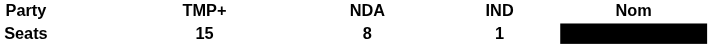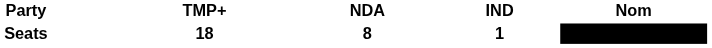 <table style="width:60%; text-align:center;">
 <tr>
 <th><strong>Party</strong></th>
 <td><strong>TMP+</strong></td>
 <td><strong>NDA</strong></td>
 <td><strong>IND</strong></td>
 <td><strong>Nom</strong></td>
 </tr>
 <tr>
 <th><strong>Seats</strong></th>
-<td><strong>15</strong></td>
+<td><strong>18</strong></td>
 <td><strong>8</strong></td>
 <td><strong>1</strong></td>
 <td bgcolor="#000000" color:white; style="6.67%;"><strong>2</strong></td>
 </tr>
 </table>
